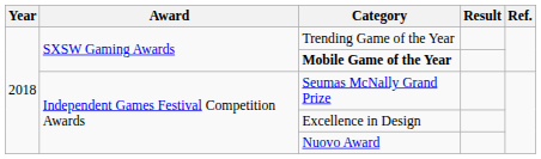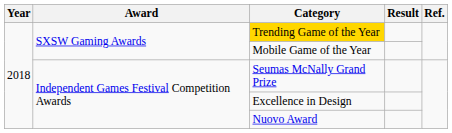 <table class="wikitable sortable">
 <tr>
 <th>Year</th>
 <th>Award</th>
 <th>Category</th>
 <th>Result</th>
 <th>Ref.</th>
 </tr>
 <tr>
 <td rowspan="5">2018</td>
 <td rowspan="2"><a href='#'>SXSW Gaming Awards</a></td>
-<td>Trending Game of the Year</td>
+<td style="background: gold;">Trending Game of the Year</td>
 <td></td>
 <td rowspan="2" style="text-align:center;"></td>
 </tr>
 <tr>
-<td><strong>Mobile Game of the Year</strong></td>
+<td>Mobile Game of the Year</td>
 <td></td>
 </tr>
 <tr>
 <td rowspan="3"><a href='#'>Independent Games Festival</a> Competition Awards</td>
 <td><a href='#'>Seumas McNally Grand Prize</a></td>
 <td></td>
 <td rowspan="3" style="text-align:center;"></td>
 </tr>
 <tr>
 <td>Excellence in Design</td>
 <td></td>
 </tr>
 <tr>
 <td><a href='#'>Nuovo Award</a></td>
 <td></td>
 </tr>
 </table>
